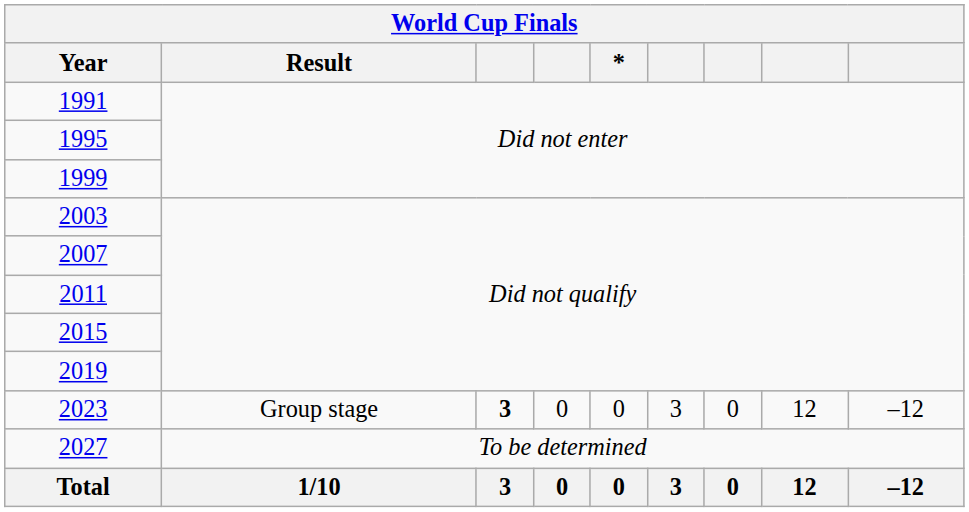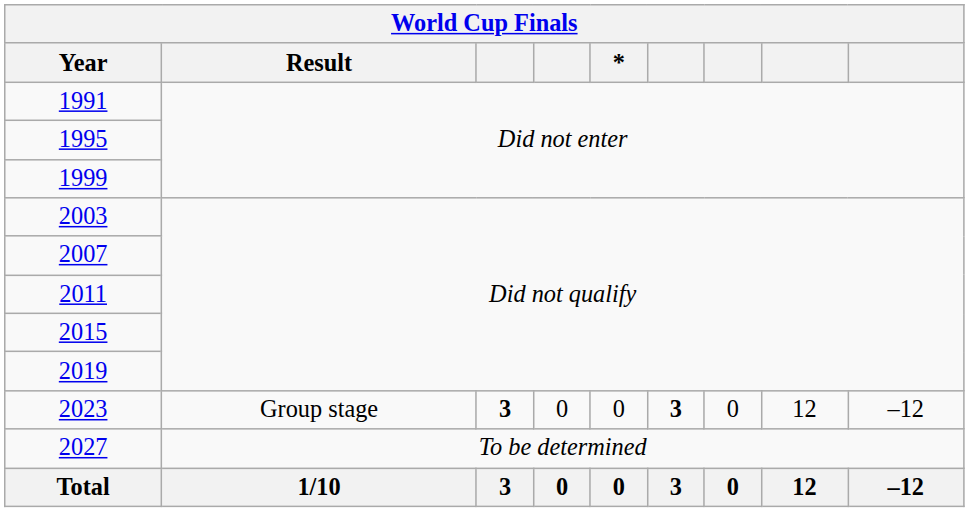 <table class="wikitable" style="text-align: center; width:50%;">
 <tr>
 <th colspan=10><a href='#'>World Cup Finals</a></th>
 </tr>
 <tr>
 <th>Year</th>
 <th>Result</th>
 <th></th>
 <th></th>
 <th>*</th>
 <th></th>
 <th></th>
 <th></th>
 <th></th>
 </tr>
 <tr>
 <td> <a href='#'>1991</a></td>
 <td colspan=8 rowspan=3><em>Did not enter</em></td>
 </tr>
 <tr>
 <td> <a href='#'>1995</a></td>
 </tr>
 <tr>
 <td> <a href='#'>1999</a></td>
 </tr>
 <tr>
 <td> <a href='#'>2003</a></td>
 <td colspan=8 rowspan=5><em>Did not qualify</em></td>
 </tr>
 <tr>
 <td> <a href='#'>2007</a></td>
 </tr>
 <tr>
 <td> <a href='#'>2011</a></td>
 </tr>
 <tr>
 <td> <a href='#'>2015</a></td>
 </tr>
 <tr>
 <td> <a href='#'>2019</a></td>
 </tr>
 <tr>
 <td>  <a href='#'>2023</a></td>
 <td>Group stage</td>
 <td><strong>3</strong></td>
 <td>0</td>
 <td>0</td>
-<td>3</td>
+<td><strong>3</strong></td>
 <td>0</td>
 <td>12</td>
 <td>–12</td>
 </tr>
 <tr>
 <td> <a href='#'>2027</a></td>
 <td colspan=8><em>To be determined</em></td>
 </tr>
 <tr>
 <th>Total</th>
 <th>1/10</th>
 <th>3</th>
 <th>0</th>
 <th>0</th>
 <th>3</th>
 <th>0</th>
 <th>12</th>
 <th>–12</th>
 </tr>
 </table>
